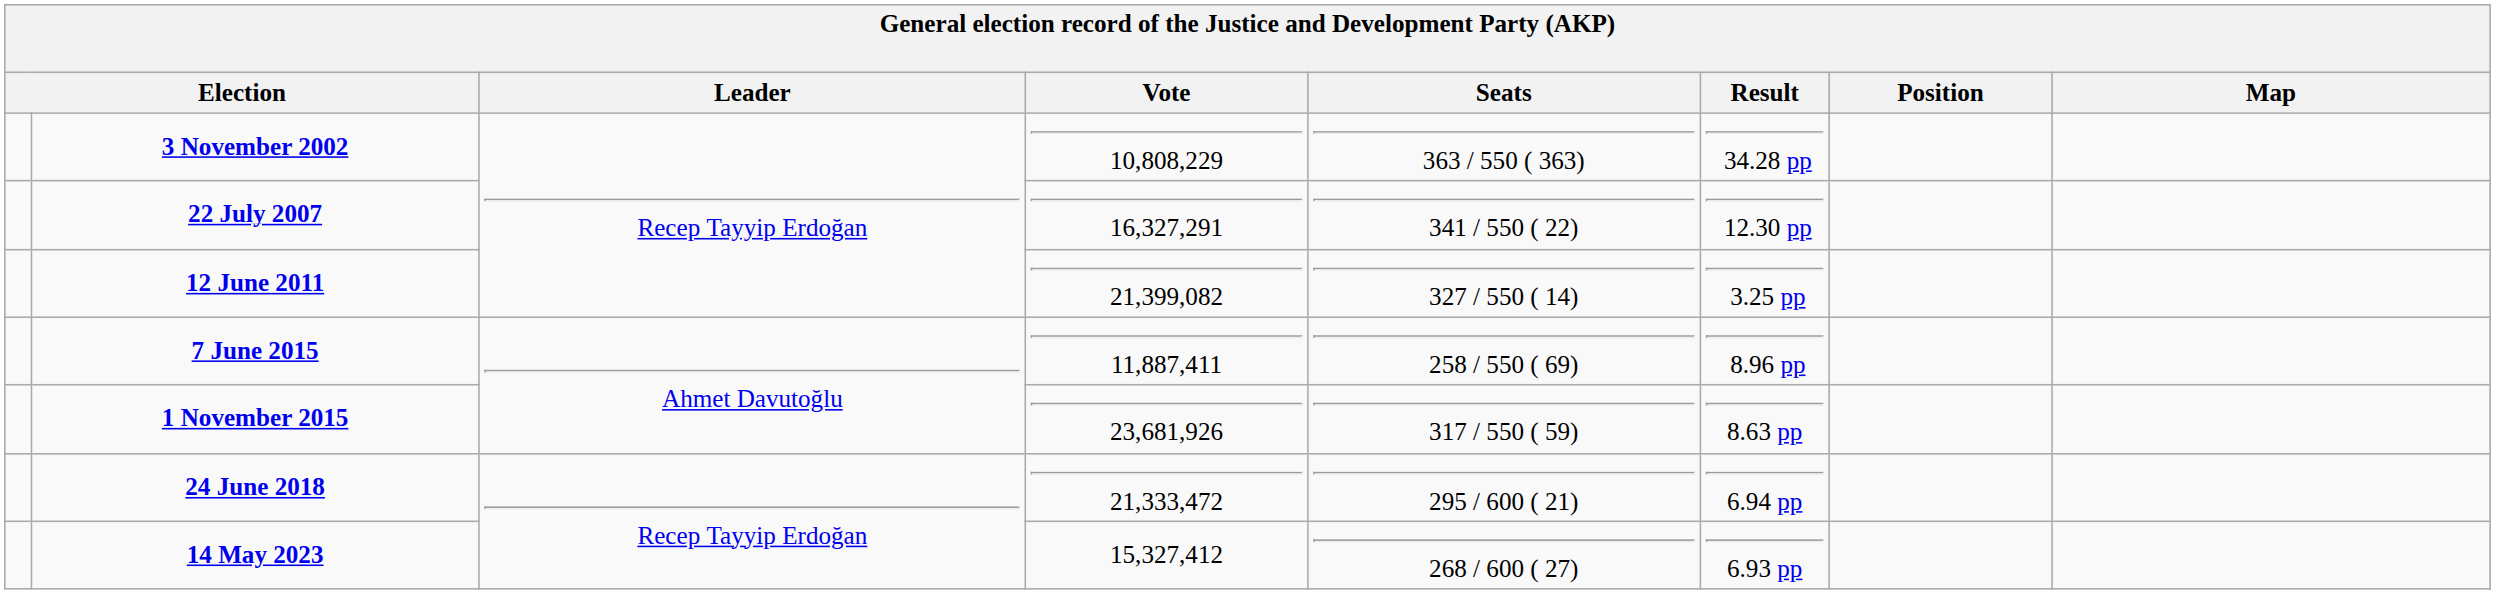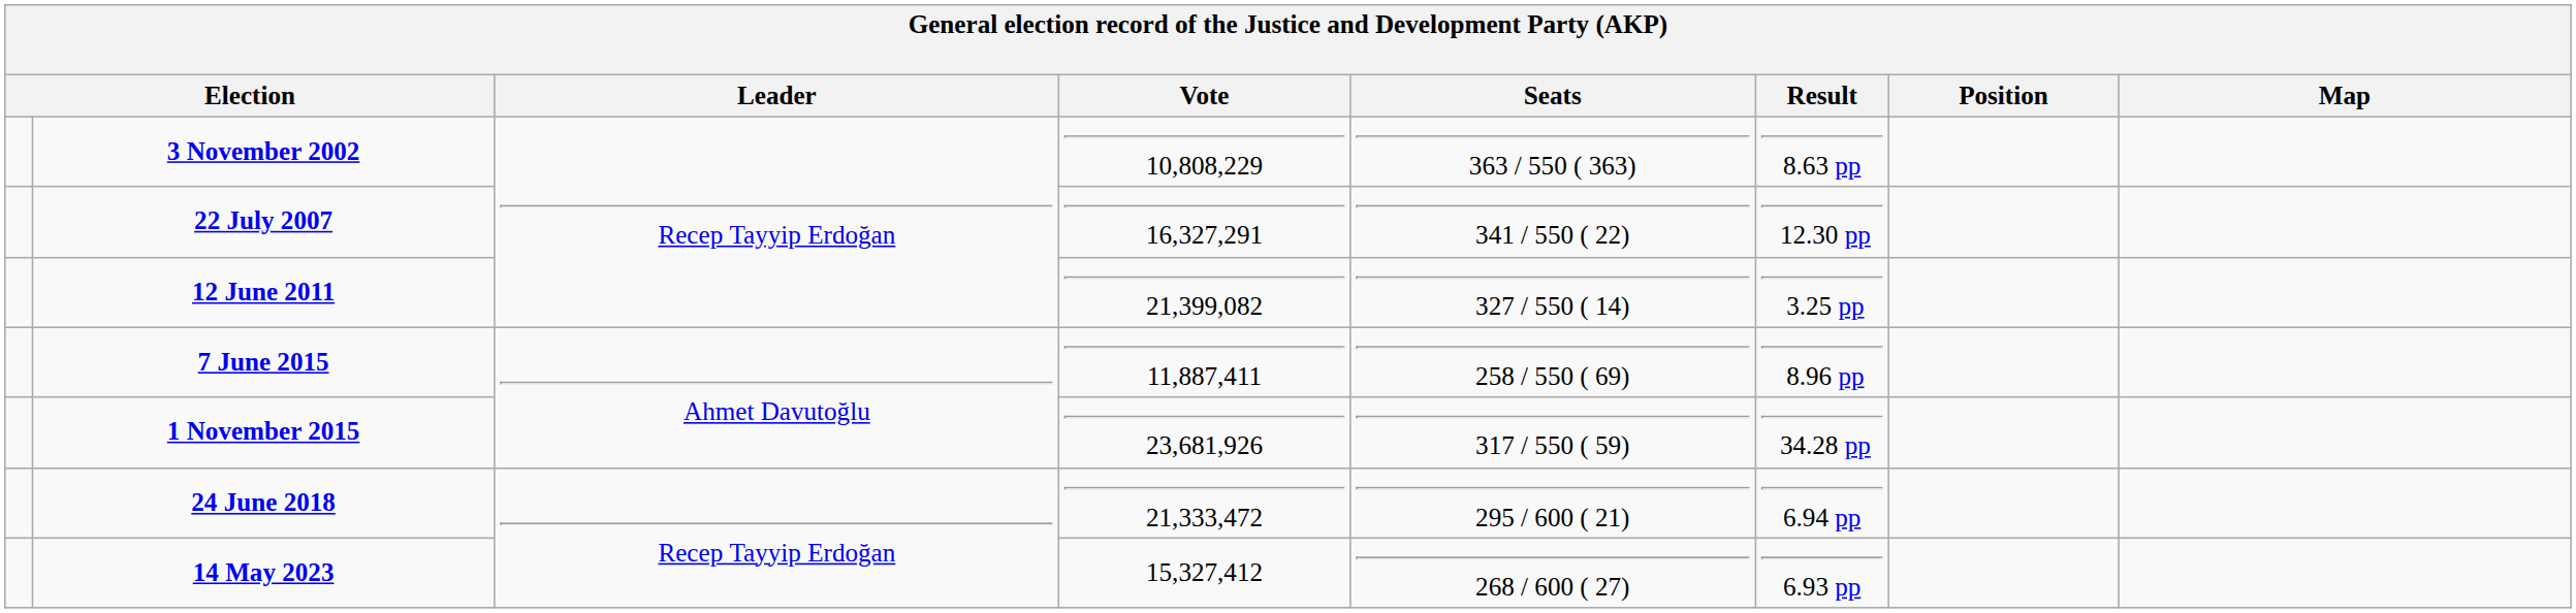 <table class="wikitable" style="text-align: center; border:none;width:100%">
 <tr>
 <th colspan="11">General election record of the Justice and Development Party (AKP)<br>                            </th>
 </tr>
 <tr>
 <th colspan="2">Election</th>
 <th>Leader</th>
 <th>Vote</th>
 <th>Seats</th>
 <th width=75px>Result</th>
 <th>Position</th>
 <th width=272px>Map</th>
 </tr>
 <tr>
 <td style="background:"></td>
 <td><strong><a href='#'>3 November 2002</a></strong></td>
 <td rowspan="3"><hr><a href='#'>Recep&nbsp;Tayyip&nbsp;Erdoğan</a></td>
 <td><hr>10,808,229</td>
 <td><hr>363 / 550 ( 363)</td>
-<td><hr> 34.28 <a href='#'>pp</a></td>
+<td><hr> 8.63 <a href='#'>pp</a></td>
 <td></td>
 <td></td>
 </tr>
 <tr>
 <td style="background:"></td>
 <td><strong><a href='#'>22 July 2007</a></strong></td>
 <td><hr>16,327,291</td>
 <td><hr>341 / 550 ( 22)</td>
 <td><hr> 12.30 <a href='#'>pp</a></td>
 <td></td>
 <td></td>
 </tr>
 <tr>
 <td style="background:"></td>
 <td><strong><a href='#'>12 June 2011</a></strong></td>
 <td><hr>21,399,082</td>
 <td><hr>327 / 550 ( 14)</td>
 <td><hr> 3.25 <a href='#'>pp</a></td>
 <td></td>
 <td></td>
 </tr>
 <tr>
 <td style="background:"></td>
 <td><strong><a href='#'>7 June 2015</a></strong></td>
 <td rowspan="2"><hr><a href='#'>Ahmet Davutoğlu</a></td>
 <td><hr>11,887,411</td>
 <td><hr>258 / 550 ( 69)</td>
 <td><hr> 8.96 <a href='#'>pp</a></td>
 <td></td>
 <td></td>
 </tr>
 <tr>
 <td style="background:"></td>
 <td><strong><a href='#'>1 November 2015</a></strong></td>
 <td><hr>23,681,926</td>
 <td><hr>317 / 550 ( 59)</td>
-<td><hr> 8.63 <a href='#'>pp</a></td>
+<td><hr> 34.28 <a href='#'>pp</a></td>
 <td></td>
 <td></td>
 </tr>
 <tr>
 <td style="background:"></td>
 <td><strong><a href='#'>24 June 2018</a></strong></td>
 <td rowspan="2"><hr><a href='#'>Recep&nbsp;Tayyip&nbsp;Erdoğan</a></td>
 <td> <hr> 21,333,472</td>
 <td><hr>295 / 600 ( 21)</td>
 <td><hr> 6.94 <a href='#'>pp</a></td>
 <td></td>
 <td></td>
 </tr>
 <tr>
 <td style="background:"></td>
 <td><strong><a href='#'>14 May 2023</a></strong></td>
 <td>15,327,412</td>
 <td><hr>268 / 600 ( 27)</td>
 <td><hr> 6.93 <a href='#'>pp</a></td>
 <td></td>
 <td></td>
 </tr>
 </table>
